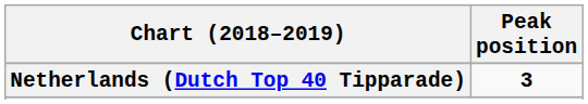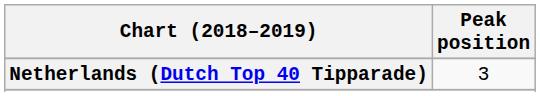 <table class="wikitable sortable plainrowheaders" style="text-align:center">
 <tr>
 <th scope="col">Chart (2018–2019)</th>
 <th scope="col">Peak<br> position</th>
 </tr>
 <tr>
 </tr>
 <tr>
 </tr>
 <tr>
 </tr>
 <tr>
 </tr>
 <tr>
 <th scope="row">Netherlands (<a href='#'>Dutch Top 40</a> Tipparade)</th>
-<td><strong>3</strong></td>
+<td>3</td>
 </tr>
 <tr>
 </tr>
 <tr>
 </tr>
 </table>
